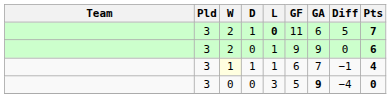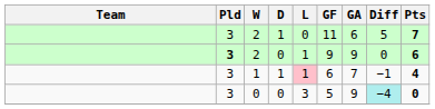 <table class="wikitable" style="text-align: center;">
 <tr>
 <th width=220>Team</th>
 <th width=20>Pld</th>
 <th width=20>W</th>
 <th width=20>D</th>
 <th width=20>L</th>
 <th width=20>GF</th>
 <th width=20>GA</th>
 <th width=20>Diff</th>
 <th width=20>Pts</th>
 </tr>
 <tr bgcolor=ccffcc>
 <td align="left"></td>
 <td>3</td>
 <td>2</td>
 <td>1</td>
-<td><strong>0</strong></td>
+<td>0</td>
 <td>11</td>
 <td>6</td>
 <td>5</td>
 <td><strong>7</strong></td>
 </tr>
 <tr bgcolor=ccffcc>
 <td align="left"></td>
-<td>3</td>
+<td><strong>3</strong></td>
 <td>2</td>
 <td>0</td>
 <td>1</td>
 <td>9</td>
 <td>9</td>
 <td>0</td>
 <td><strong>6</strong></td>
 </tr>
 <tr>
 <td align="left"></td>
 <td>3</td>
-<td style="background: lightyellow;">1</td>
 <td>1</td>
 <td>1</td>
+<td style="background: pink;">1</td>
 <td>6</td>
 <td>7</td>
 <td>−1</td>
 <td><strong>4</strong></td>
 </tr>
 <tr>
 <td align="left"></td>
 <td>3</td>
 <td>0</td>
 <td>0</td>
 <td>3</td>
 <td>5</td>
-<td><strong>9</strong></td>
-<td>−4</td>
+<td>9</td>
+<td style="background: paleturquoise;">−4</td>
 <td><strong>0</strong></td>
 </tr>
 <tr>
 </tr>
 </table>
